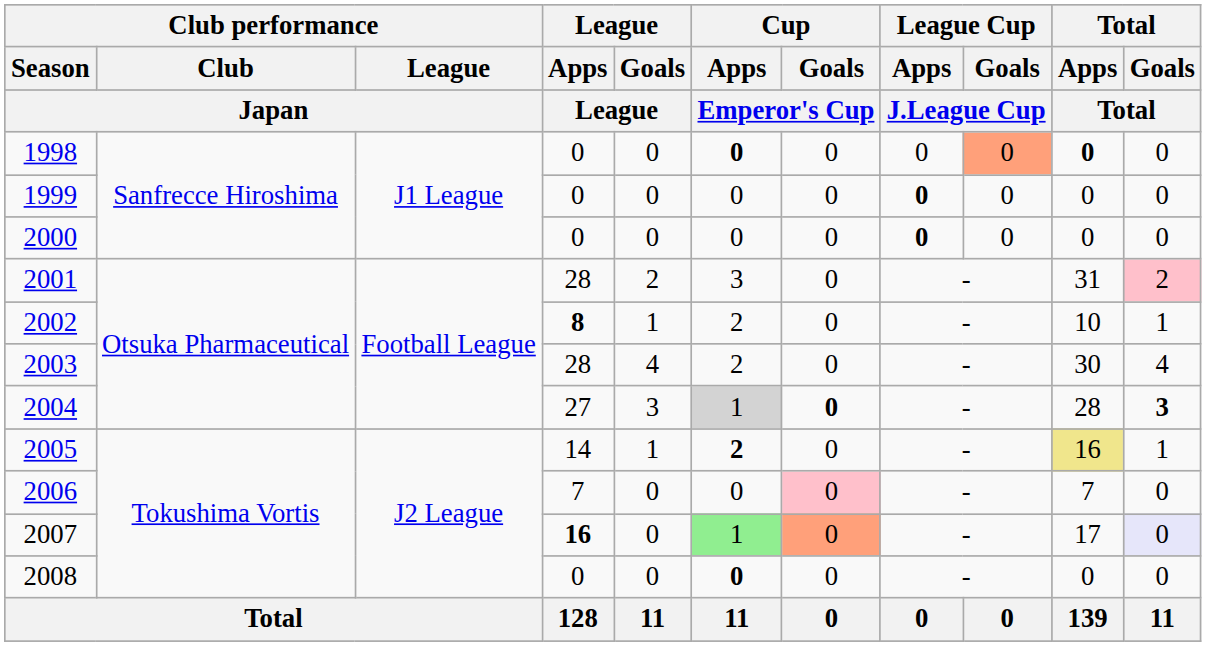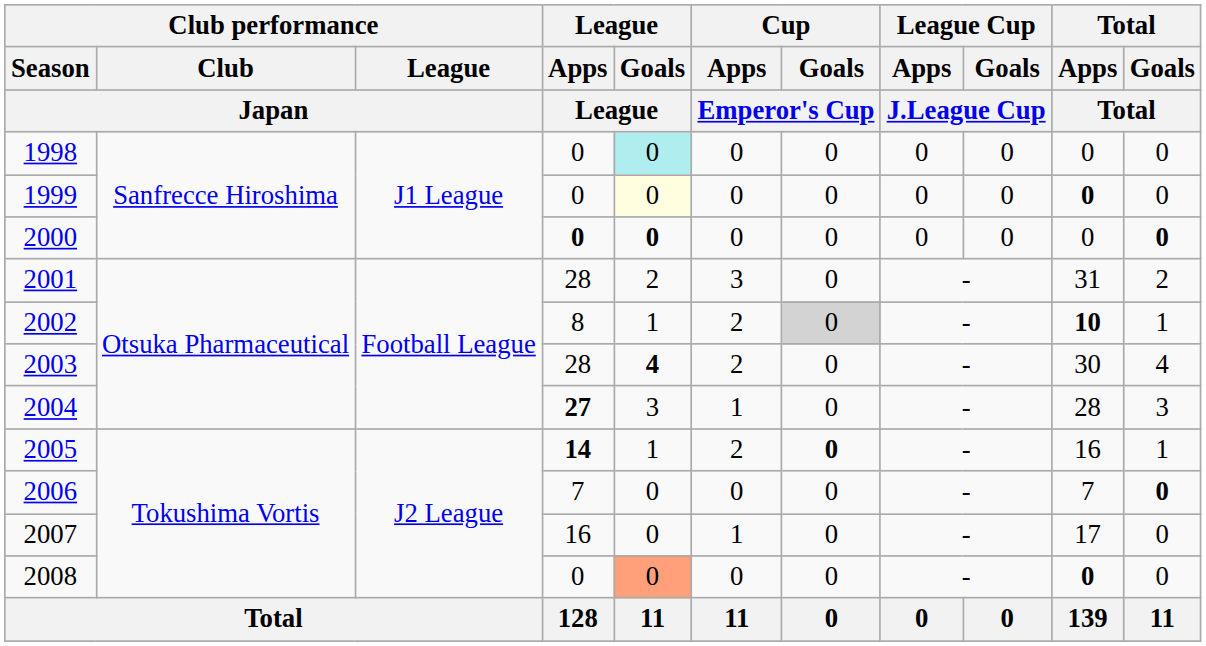 <table class="wikitable" style="text-align:center;">
 <tr>
 <th colspan=3>Club performance</th>
 <th colspan=2>League</th>
 <th colspan=2>Cup</th>
 <th colspan=2>League Cup</th>
 <th colspan=2>Total</th>
 </tr>
 <tr>
 <th>Season</th>
 <th>Club</th>
 <th>League</th>
 <th>Apps</th>
 <th>Goals</th>
 <th>Apps</th>
 <th>Goals</th>
 <th>Apps</th>
 <th>Goals</th>
 <th>Apps</th>
 <th>Goals</th>
 </tr>
 <tr>
 <th colspan=3>Japan</th>
 <th colspan=2>League</th>
 <th colspan=2><a href='#'>Emperor's Cup</a></th>
 <th colspan=2><a href='#'>J.League Cup</a></th>
 <th colspan=2>Total</th>
 </tr>
 <tr>
 <td><a href='#'>1998</a></td>
 <td rowspan="3"><a href='#'>Sanfrecce Hiroshima</a></td>
 <td rowspan="3"><a href='#'>J1 League</a></td>
 <td>0</td>
-<td>0</td>
-<td><strong>0</strong></td>
+<td style="background: paleturquoise;">0</td>
 <td>0</td>
 <td>0</td>
-<td style="background: lightsalmon;">0</td>
-<td><strong>0</strong></td>
+<td>0</td>
+<td>0</td>
+<td>0</td>
 <td>0</td>
 </tr>
 <tr>
 <td><a href='#'>1999</a></td>
+<td>0</td>
+<td style="background: lightyellow;">0</td>
 <td>0</td>
 <td>0</td>
 <td>0</td>
 <td>0</td>
 <td><strong>0</strong></td>
 <td>0</td>
-<td>0</td>
-<td>0</td>
 </tr>
 <tr>
 <td><a href='#'>2000</a></td>
+<td><strong>0</strong></td>
+<td><strong>0</strong></td>
+<td>0</td>
 <td>0</td>
 <td>0</td>
 <td>0</td>
 <td>0</td>
 <td><strong>0</strong></td>
-<td>0</td>
-<td>0</td>
-<td>0</td>
 </tr>
 <tr>
 <td><a href='#'>2001</a></td>
 <td rowspan="4"><a href='#'>Otsuka Pharmaceutical</a></td>
 <td rowspan="4"><a href='#'>Football League</a></td>
 <td>28</td>
 <td>2</td>
 <td>3</td>
 <td>0</td>
 <td colspan="2">-</td>
 <td>31</td>
-<td style="background: pink;">2</td>
+<td>2</td>
 </tr>
 <tr>
 <td><a href='#'>2002</a></td>
-<td><strong>8</strong></td>
+<td>8</td>
 <td>1</td>
 <td>2</td>
-<td>0</td>
+<td style="background: lightgrey;">0</td>
 <td colspan="2">-</td>
-<td>10</td>
+<td><strong>10</strong></td>
 <td>1</td>
 </tr>
 <tr>
 <td><a href='#'>2003</a></td>
 <td>28</td>
-<td>4</td>
+<td><strong>4</strong></td>
 <td>2</td>
 <td>0</td>
 <td colspan="2">-</td>
 <td>30</td>
 <td>4</td>
 </tr>
 <tr>
 <td><a href='#'>2004</a></td>
-<td>27</td>
+<td><strong>27</strong></td>
 <td>3</td>
-<td style="background: lightgrey;">1</td>
-<td><strong>0</strong></td>
+<td>1</td>
+<td>0</td>
 <td colspan="2">-</td>
 <td>28</td>
-<td><strong>3</strong></td>
+<td>3</td>
 </tr>
 <tr>
 <td><a href='#'>2005</a></td>
 <td rowspan="4"><a href='#'>Tokushima Vortis</a></td>
 <td rowspan="4"><a href='#'>J2 League</a></td>
-<td>14</td>
+<td><strong>14</strong></td>
 <td>1</td>
-<td><strong>2</strong></td>
-<td>0</td>
+<td>2</td>
+<td><strong>0</strong></td>
 <td colspan="2">-</td>
-<td style="background: khaki;">16</td>
+<td>16</td>
 <td>1</td>
 </tr>
 <tr>
 <td><a href='#'>2006</a></td>
 <td>7</td>
 <td>0</td>
 <td>0</td>
-<td style="background: pink;">0</td>
+<td>0</td>
 <td colspan="2">-</td>
 <td>7</td>
-<td>0</td>
+<td><strong>0</strong></td>
 </tr>
 <tr>
 <td>2007</td>
-<td><strong>16</strong></td>
+<td>16</td>
 <td>0</td>
-<td style="background: lightgreen;">1</td>
-<td style="background: lightsalmon;">0</td>
+<td>1</td>
+<td>0</td>
 <td colspan="2">-</td>
 <td>17</td>
-<td style="background: lavender;">0</td>
+<td>0</td>
 </tr>
 <tr>
 <td>2008</td>
 <td>0</td>
+<td style="background: lightsalmon;">0</td>
 <td>0</td>
-<td><strong>0</strong></td>
 <td>0</td>
 <td colspan="2">-</td>
-<td>0</td>
+<td><strong>0</strong></td>
 <td>0</td>
 </tr>
 <tr>
 <th colspan=3>Total</th>
 <th>128</th>
 <th>11</th>
 <th>11</th>
 <th>0</th>
 <th>0</th>
 <th>0</th>
 <th>139</th>
 <th>11</th>
 </tr>
 </table>
